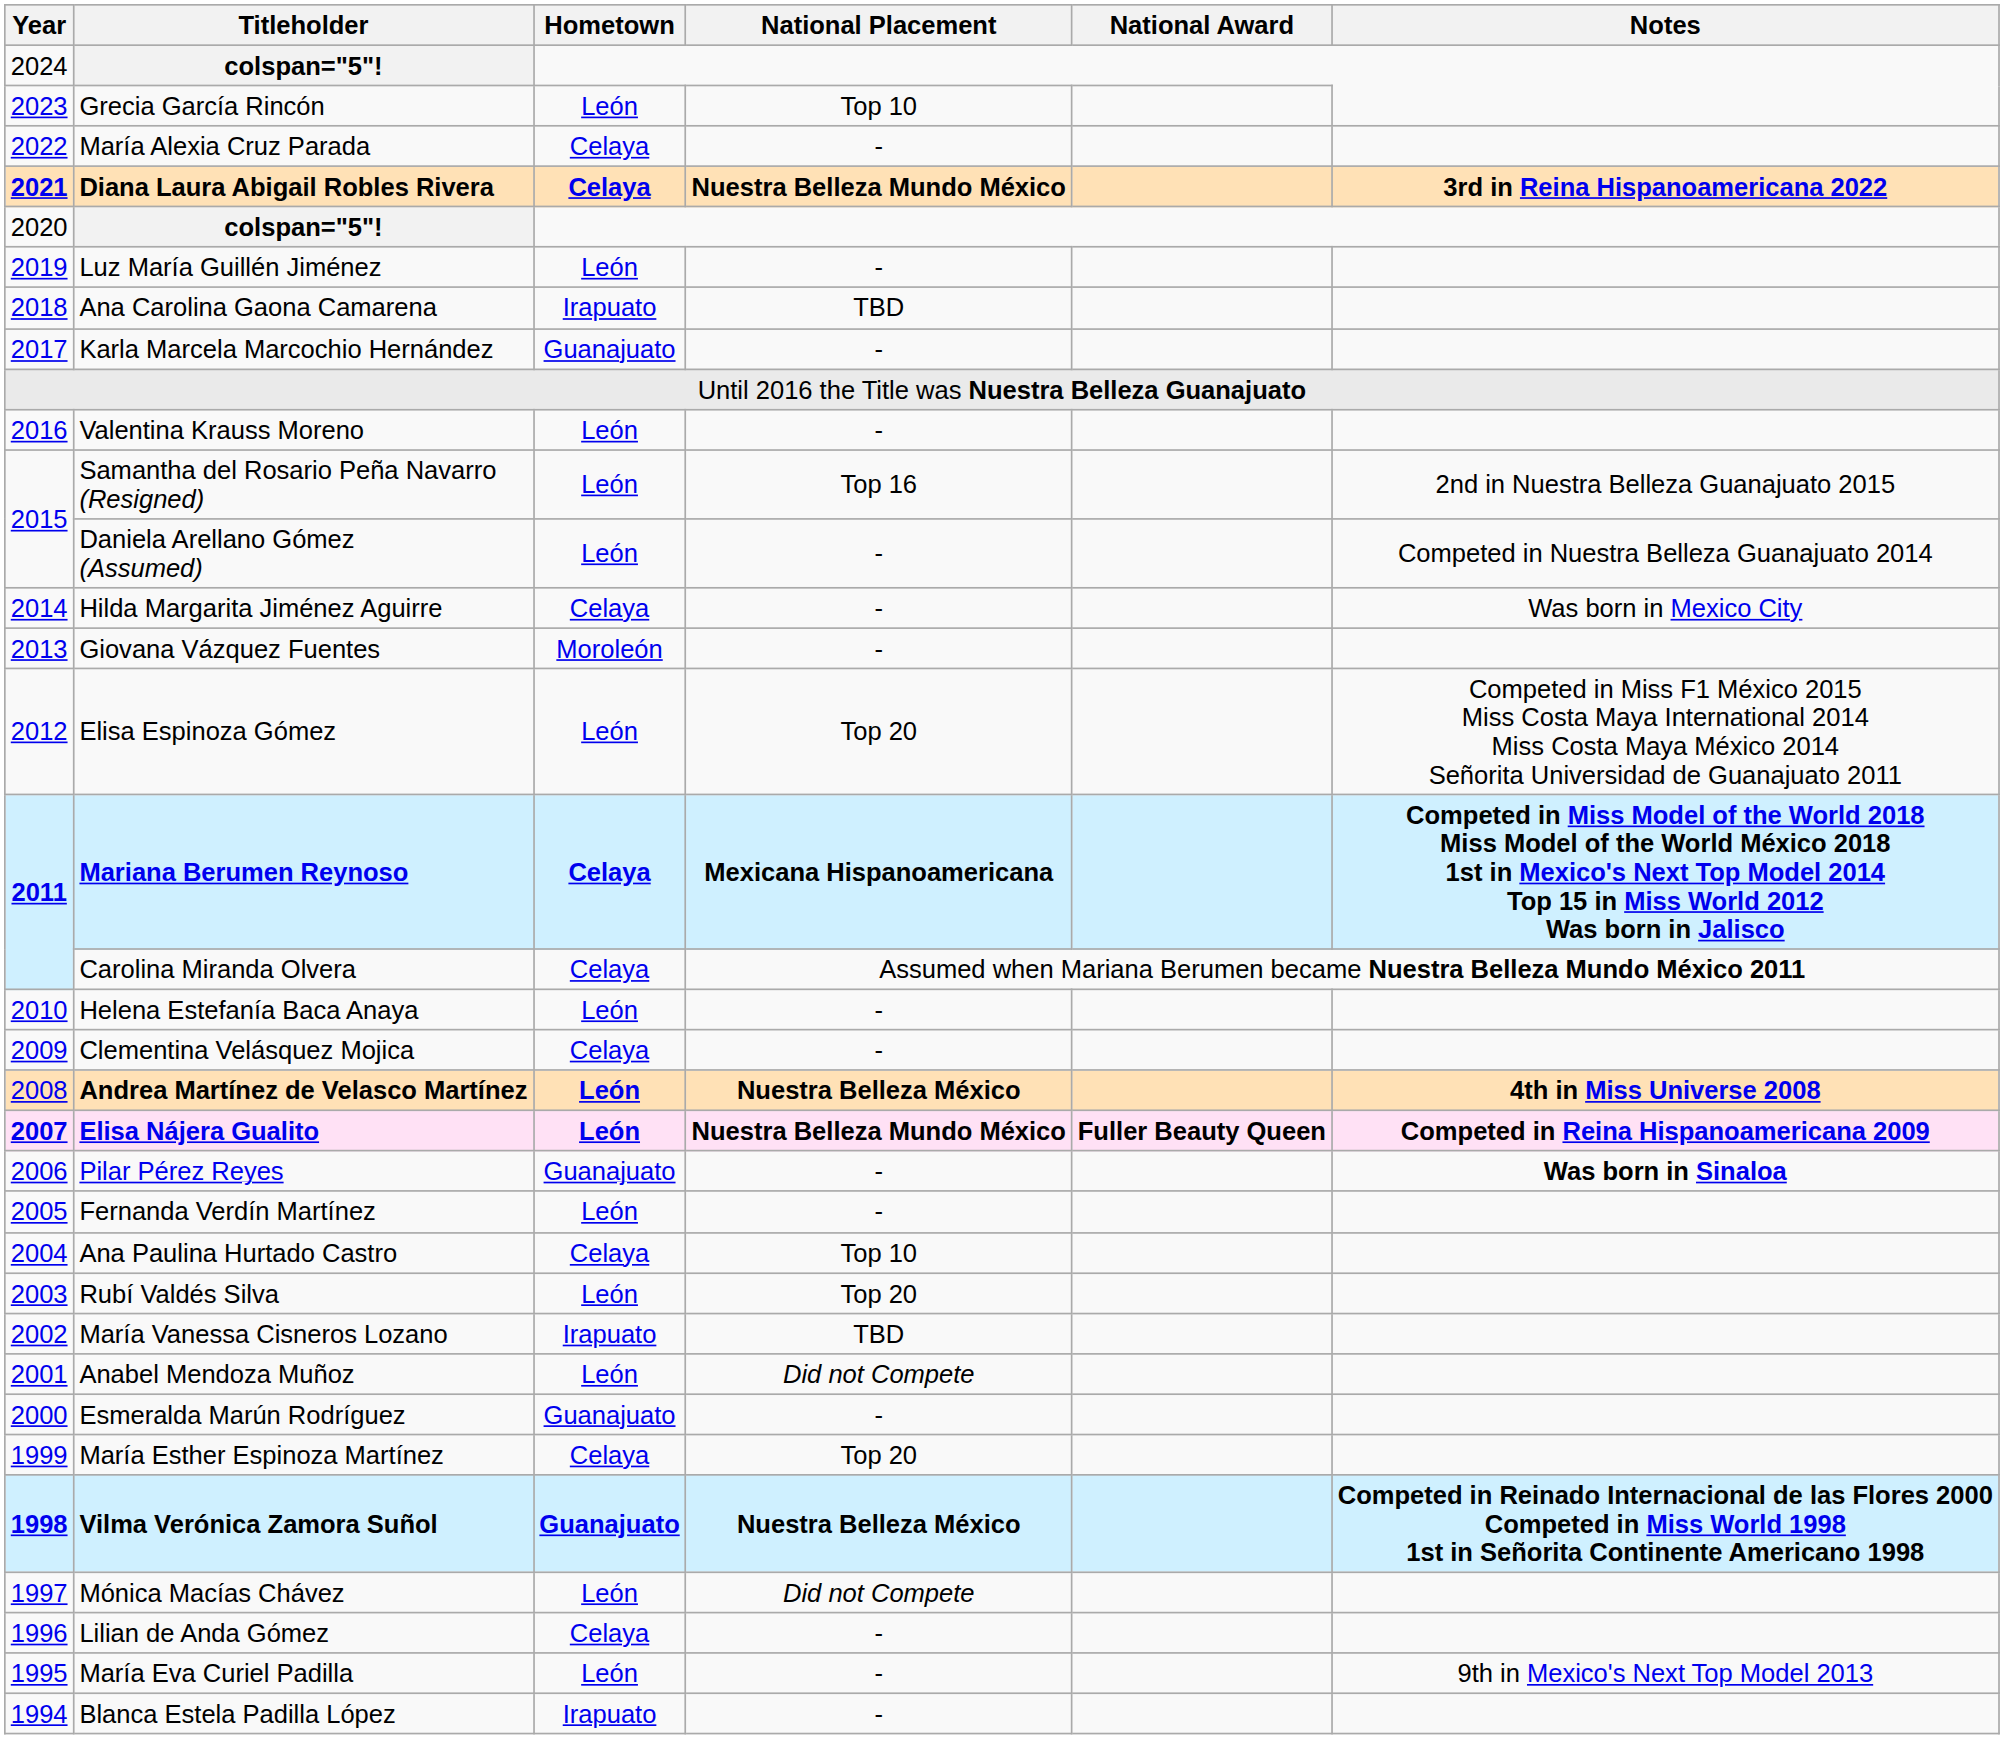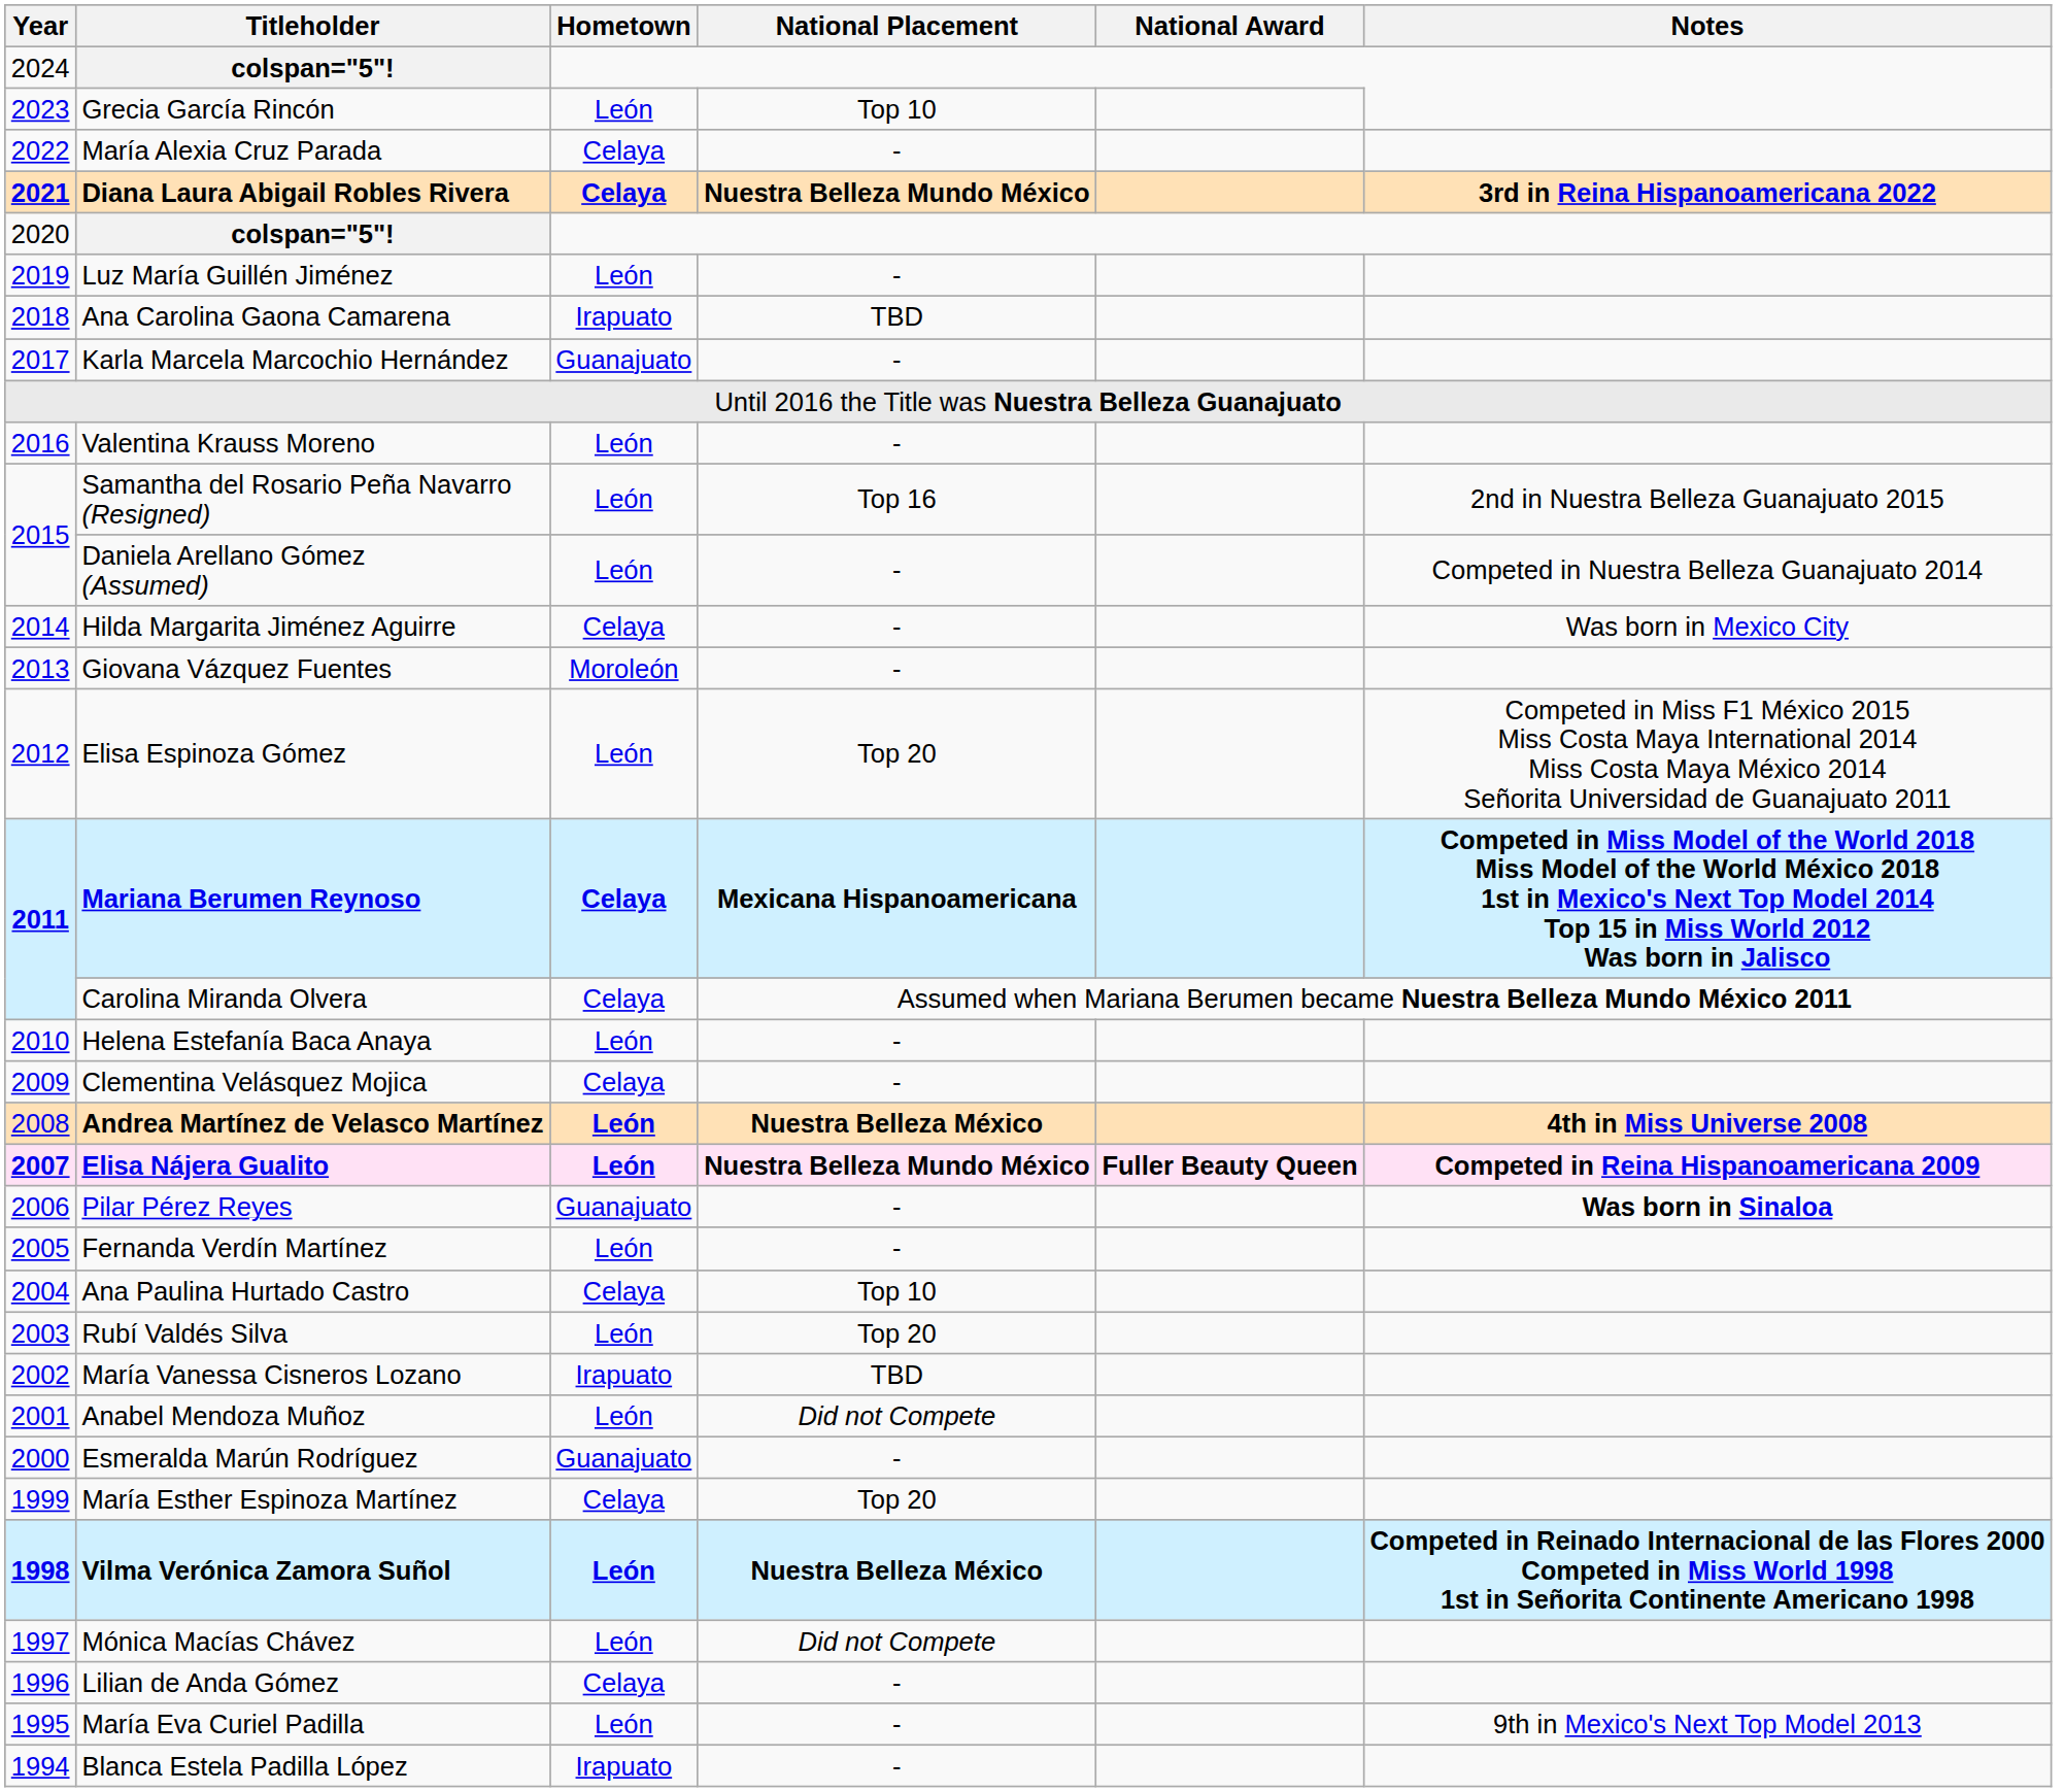 <table class="wikitable sortable" style="font-size:95%;">
 <tr>
 <th>Year</th>
 <th>Titleholder</th>
 <th>Hometown</th>
 <th>National Placement</th>
 <th>National Award</th>
 <th>Notes</th>
 </tr>
 <tr>
 <td align="center">2024</td>
 <th>colspan="5"!</th>
 </tr>
 <tr>
 <td align="center"><a href='#'>2023</a></td>
 <td>Grecia García Rincón</td>
 <td align="center"><a href='#'>León</a></td>
 <td align="center">Top 10</td>
 <td align="center"></td>
 </tr>
 <tr>
 <td align="center"><a href='#'>2022</a></td>
 <td>María Alexia Cruz Parada</td>
 <td align="center"><a href='#'>Celaya</a></td>
 <td align="center">-</td>
 <td align="center"></td>
 <td align="center"></td>
 </tr>
 <tr bgcolor="#FFE1B6">
 <td align="center"><strong><a href='#'>2021</a></strong></td>
 <td><strong>Diana Laura Abigail Robles Rivera</strong></td>
 <td align="center"><strong><a href='#'>Celaya</a></strong></td>
 <td align="center"><strong>Nuestra Belleza Mundo México</strong></td>
 <td align="center"></td>
 <td align="center"><strong>3rd in <a href='#'>Reina Hispanoamericana 2022</a></strong></td>
 </tr>
 <tr>
 <td align="center">2020</td>
 <th>colspan="5"!</th>
 </tr>
 <tr>
 <td align="center"><a href='#'>2019</a></td>
 <td>Luz María Guillén Jiménez</td>
 <td align="center"><a href='#'>León</a></td>
 <td align="center">-</td>
 <td align="center"></td>
 <td align="center"></td>
 </tr>
 <tr>
 <td align="center"><a href='#'>2018</a></td>
 <td>Ana Carolina Gaona Camarena</td>
 <td align="center"><a href='#'>Irapuato</a></td>
 <td align="center">TBD</td>
 <td align="center"></td>
 <td align="center"></td>
 </tr>
 <tr>
 <td align="center"><a href='#'>2017</a></td>
 <td>Karla Marcela Marcochio Hernández</td>
 <td align="center"><a href='#'>Guanajuato</a></td>
 <td align="center">-</td>
 <td align="center"></td>
 <td align="center"></td>
 </tr>
 <tr>
 <td colspan="6" bgcolor="#EAEAEA" style="text-align:center;">Until 2016 the Title was <strong>Nuestra Belleza Guanajuato</strong></td>
 </tr>
 <tr>
 <td align="center"><a href='#'>2016</a></td>
 <td>Valentina Krauss Moreno</td>
 <td align="center"><a href='#'>León</a></td>
 <td align="center">-</td>
 <td align="center"></td>
 <td align="center"></td>
 </tr>
 <tr>
 <td rowspan=2 align="center"><a href='#'>2015</a></td>
 <td>Samantha del Rosario Peña Navarro<br><em>(Resigned)</em></td>
 <td align="center"><a href='#'>León</a></td>
 <td align="center">Top 16</td>
 <td align="center"></td>
 <td align="center">2nd in Nuestra Belleza Guanajuato 2015</td>
 </tr>
 <tr>
 <td>Daniela Arellano Gómez<br><em>(Assumed)</em></td>
 <td align="center"><a href='#'>León</a></td>
 <td align="center">-</td>
 <td align="center"></td>
 <td align="center">Competed in Nuestra Belleza Guanajuato 2014</td>
 </tr>
 <tr>
 <td align="center"><a href='#'>2014</a></td>
 <td>Hilda Margarita Jiménez Aguirre</td>
 <td align="center"><a href='#'>Celaya</a></td>
 <td align="center">-</td>
 <td align="center"></td>
 <td align="center">Was born in <a href='#'>Mexico City</a></td>
 </tr>
 <tr>
 <td align="center"><a href='#'>2013</a></td>
 <td>Giovana Vázquez Fuentes</td>
 <td align="center"><a href='#'>Moroleón</a></td>
 <td align="center">-</td>
 <td align="center"></td>
 <td align="center"></td>
 </tr>
 <tr>
 <td align="center"><a href='#'>2012</a></td>
 <td>Elisa Espinoza Gómez</td>
 <td align="center"><a href='#'>León</a></td>
 <td align="center">Top 20</td>
 <td align="center"></td>
 <td align="center">Competed in Miss F1 México 2015<br>Miss Costa Maya International 2014<br>Miss Costa Maya México 2014<br>Señorita Universidad de Guanajuato 2011</td>
 </tr>
 <tr bgcolor="#CFF0FF">
 <td rowspan=2 align="center"><strong><a href='#'>2011</a></strong></td>
 <td><strong><a href='#'>Mariana Berumen Reynoso</a></strong></td>
 <td align="center"><strong><a href='#'>Celaya</a></strong></td>
 <td align="center"><strong>Mexicana Hispanoamericana</strong></td>
 <td align="center"></td>
 <td align="center"><strong>Competed in <a href='#'>Miss Model of the World 2018</a><br>Miss Model of the World México 2018<br>1st in <a href='#'>Mexico's Next Top Model 2014</a><br>Top 15 in <a href='#'>Miss World 2012</a><br>Was born in <a href='#'>Jalisco</a></strong></td>
 </tr>
 <tr>
 <td>Carolina Miranda Olvera</td>
 <td align="center"><a href='#'>Celaya</a></td>
 <td colspan=3 align=center>Assumed when Mariana Berumen became <strong>Nuestra Belleza Mundo México 2011</strong></td>
 </tr>
 <tr>
 <td align="center"><a href='#'>2010</a></td>
 <td>Helena Estefanía Baca Anaya</td>
 <td align="center"><a href='#'>León</a></td>
 <td align="center">-</td>
 <td align="center"></td>
 <td align="center"></td>
 </tr>
 <tr>
 <td align="center"><a href='#'>2009</a></td>
 <td>Clementina Velásquez Mojica</td>
 <td align="center"><a href='#'>Celaya</a></td>
 <td align="center">-</td>
 <td align="center"></td>
 <td align="center"></td>
 </tr>
 <tr bgcolor="#FFE1B6">
 <td align="center"><a href='#'>2008</a></td>
 <td><strong>Andrea Martínez de Velasco Martínez</strong></td>
 <td align="center"><strong><a href='#'>León</a></strong></td>
 <td align="center"><strong>Nuestra Belleza México</strong></td>
 <td align="center"></td>
 <td align="center"><strong>4th in <a href='#'>Miss Universe 2008</a></strong></td>
 </tr>
 <tr bgcolor="#FFE1F5">
 <td align="center"><strong><a href='#'>2007</a></strong></td>
 <td><strong><a href='#'>Elisa Nájera Gualito</a></strong></td>
 <td align="center"><strong><a href='#'>León</a></strong></td>
 <td align="center"><strong>Nuestra Belleza Mundo México</strong></td>
 <td align="center"><strong>Fuller Beauty Queen</strong></td>
 <td align="center"><strong>Competed in <a href='#'>Reina Hispanoamericana 2009</a></strong></td>
 </tr>
 <tr>
 <td align="center"><a href='#'>2006</a></td>
 <td><a href='#'>Pilar Pérez Reyes</a></td>
 <td align="center"><a href='#'>Guanajuato</a></td>
 <td align="center">-</td>
 <td align="center"></td>
 <td align="center"><strong>Was born in <a href='#'>Sinaloa</a></strong></td>
 </tr>
 <tr>
 <td align="center"><a href='#'>2005</a></td>
 <td>Fernanda Verdín Martínez</td>
 <td align="center"><a href='#'>León</a></td>
 <td align="center">-</td>
 <td align="center"></td>
 <td align="center"></td>
 </tr>
 <tr>
 <td align="center"><a href='#'>2004</a></td>
 <td>Ana Paulina Hurtado Castro</td>
 <td align="center"><a href='#'>Celaya</a></td>
 <td align="center">Top 10</td>
 <td align="center"></td>
 <td align="center"></td>
 </tr>
 <tr>
 <td align="center"><a href='#'>2003</a></td>
 <td>Rubí Valdés Silva</td>
 <td align="center"><a href='#'>León</a></td>
 <td align="center">Top 20</td>
 <td align="center"></td>
 <td align="center"></td>
 </tr>
 <tr>
 <td align="center"><a href='#'>2002</a></td>
 <td>María Vanessa Cisneros Lozano</td>
 <td align="center"><a href='#'>Irapuato</a></td>
 <td align="center">TBD</td>
 <td align="center"></td>
 <td align="center"></td>
 </tr>
 <tr>
 <td align="center"><a href='#'>2001</a></td>
 <td>Anabel Mendoza Muñoz</td>
 <td align="center"><a href='#'>León</a></td>
 <td align="center"><em>Did not Compete</em></td>
 <td align="center"></td>
 <td align="center"></td>
 </tr>
 <tr>
 <td align="center"><a href='#'>2000</a></td>
 <td>Esmeralda Marún Rodríguez</td>
 <td align="center"><a href='#'>Guanajuato</a></td>
 <td align="center">-</td>
 <td align="center"></td>
 <td align="center"></td>
 </tr>
 <tr>
 <td align="center"><a href='#'>1999</a></td>
 <td>María Esther Espinoza Martínez</td>
 <td align="center"><a href='#'>Celaya</a></td>
 <td align="center">Top 20</td>
 <td align="center"></td>
 <td align="center"></td>
 </tr>
 <tr bgcolor="#CFF0FF">
 <td align="center"><strong><a href='#'>1998</a></strong></td>
 <td><strong>Vilma Verónica Zamora Suñol</strong></td>
-<td align="center"><strong><a href='#'>Guanajuato</a></strong></td>
+<td align="center"><strong><a href='#'>León</a></strong></td>
 <td align="center"><strong>Nuestra Belleza México</strong></td>
 <td align="center"></td>
 <td align="center"><strong>Competed in Reinado Internacional de las Flores 2000<br>Competed in <a href='#'>Miss World 1998</a><br>1st in Señorita Continente Americano 1998</strong></td>
 </tr>
 <tr>
 <td align="center"><a href='#'>1997</a></td>
 <td>Mónica Macías Chávez</td>
 <td align="center"><a href='#'>León</a></td>
 <td align="center"><em>Did not Compete</em></td>
 <td align="center"></td>
 <td align="center"></td>
 </tr>
 <tr>
 <td align="center"><a href='#'>1996</a></td>
 <td>Lilian de Anda Gómez</td>
 <td align="center"><a href='#'>Celaya</a></td>
 <td align="center">-</td>
 <td align="center"></td>
 <td align="center"></td>
 </tr>
 <tr>
 <td align="center"><a href='#'>1995</a></td>
 <td>María Eva Curiel Padilla</td>
 <td align="center"><a href='#'>León</a></td>
 <td align="center">-</td>
 <td align="center"></td>
 <td align="center">9th in <a href='#'>Mexico's Next Top Model 2013</a></td>
 </tr>
 <tr>
 <td align="center"><a href='#'>1994</a></td>
 <td>Blanca Estela Padilla López</td>
 <td align="center"><a href='#'>Irapuato</a></td>
 <td align="center">-</td>
 <td align="center"></td>
 <td align="center"></td>
 </tr>
 </table>
